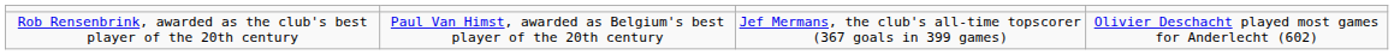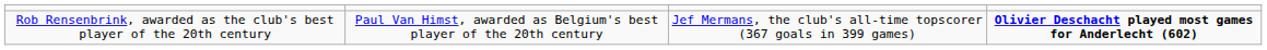 <table class="wikitable" style="font-size:95%; text-align:center; margin: 5px auto;">
 <tr>
 <td></td>
 <td></td>
 <td></td>
 <td></td>
 </tr>
 <tr>
 <td><a href='#'>Rob Rensenbrink</a>, awarded as the club's best player of the 20th century</td>
 <td><a href='#'>Paul Van Himst</a>, awarded as Belgium's best player of the 20th century</td>
 <td><a href='#'>Jef Mermans</a>, the club's all-time topscorer (367 goals in 399 games)</td>
-<td><a href='#'>Olivier Deschacht</a> played most games for Anderlecht (602)</td>
+<td><strong><a href='#'>Olivier Deschacht</a> played most games for Anderlecht (602)</strong></td>
 </tr>
 </table>
